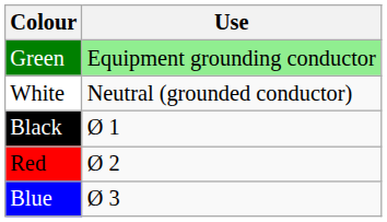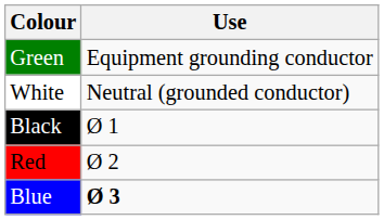 <table class=wikitable>
 <tr>
 <th>Colour</th>
 <th>Use</th>
 </tr>
 <tr>
 <td style="background:green; color:white;">Green</td>
-<td style="background: lightgreen;">Equipment grounding conductor</td>
+<td>Equipment grounding conductor</td>
 </tr>
 <tr>
 <td style="background:white;">White</td>
 <td>Neutral (grounded conductor)</td>
 </tr>
 <tr>
 <td style="background:black; color:white;">Black</td>
 <td>Ø 1</td>
 </tr>
 <tr>
 <td style="background:red;">Red</td>
 <td>Ø 2</td>
 </tr>
 <tr>
 <td style="background:blue; color:white;">Blue</td>
-<td>Ø 3</td>
+<td><strong>Ø 3</strong></td>
 </tr>
 </table>
